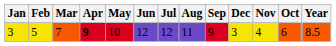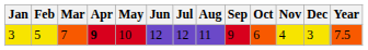 <table class="wikitable" style="margin:1em auto;">
 <tr>
 <th>Jan</th>
 <th>Feb</th>
 <th>Mar</th>
 <th>Apr</th>
 <th>May</th>
 <th>Jun</th>
 <th>Jul</th>
 <th>Aug</th>
 <th>Sep</th>
+<th>Oct</th>
+<th>Nov</th>
 <th>Dec</th>
-<th>Nov</th>
-<th>Oct</th>
 <th>Year</th>
 </tr>
 <tr>
 <td style="background:#f7e400;color:#000000;">3</td>
 <td style="background:#f7e400;color:#000000;">5</td>
 <td style="background:#f85900;color:#000000;">7</td>
 <td style="background:#d8001d;color:#000000;"><strong>9</strong></td>
 <td style="background:#d8001d;color:#000000;">10</td>
 <td style="background:#6b49c8;color:#000000;">12</td>
 <td style="background:#6b49c8;color:#000000;">12</td>
 <td style="background:#6b49c8;color:#000000;">11</td>
 <td style="background:#d8001d;color:#000000;">9</td>
+<td style="background:#f85900;color:#000000;">6</td>
+<td style="background:#f7e400;color:#000000;">4</td>
 <td style="background:#f7e400;color:#000000;">3</td>
-<td style="background:#f7e400;color:#000000;">4</td>
-<td style="background:#f85900;color:#000000;">6</td>
-<td style="background:#f85900;color:#000000;border-left-width:medium">8.5</td>
+<td style="background:#f85900;color:#000000;border-left-width:medium">7.5</td>
 </tr>
 </table>
